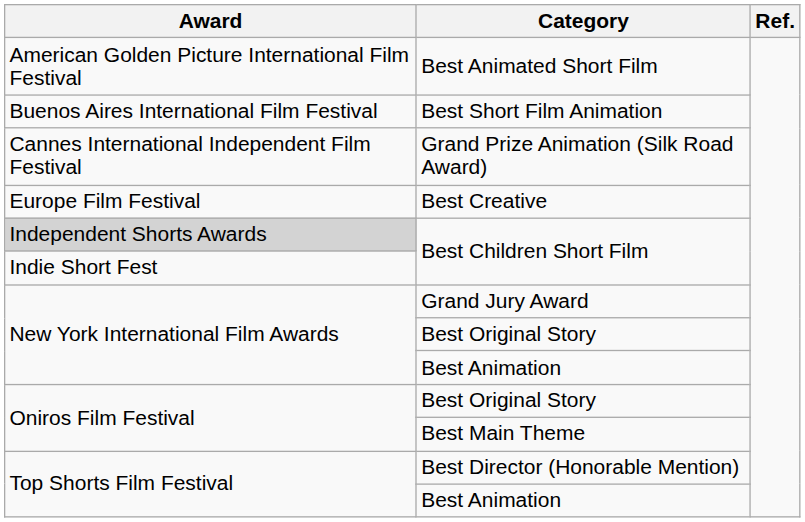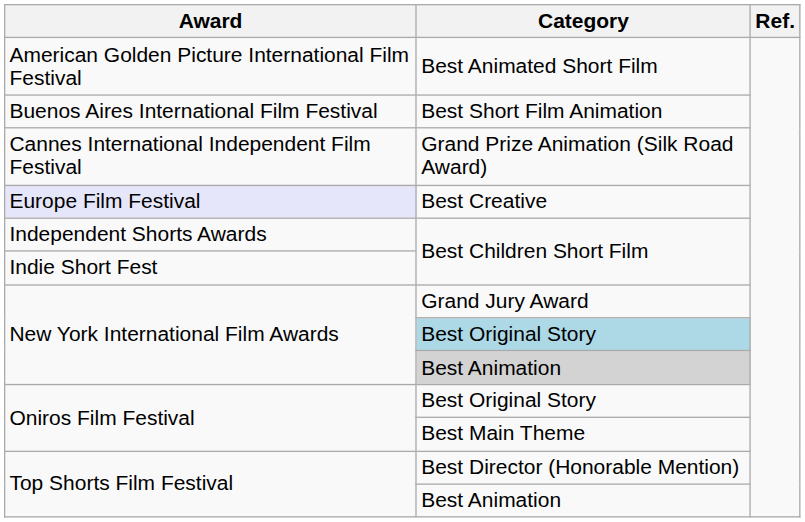 <table class="wikitable">
 <tr>
 <th>Award</th>
 <th>Category</th>
 <th>Ref.</th>
 </tr>
 <tr>
 <td>American Golden Picture International Film Festival</td>
 <td>Best Animated Short Film</td>
 <td rowspan="13"></td>
 </tr>
 <tr>
 <td>Buenos Aires International Film Festival</td>
 <td>Best Short Film Animation</td>
 </tr>
 <tr>
 <td>Cannes International Independent Film Festival</td>
 <td>Grand Prize Animation (Silk Road Award)</td>
 </tr>
 <tr>
-<td>Europe Film Festival</td>
+<td style="background: lavender;">Europe Film Festival</td>
 <td>Best Creative</td>
 </tr>
 <tr>
-<td style="background: lightgrey;">Independent Shorts Awards</td>
+<td>Independent Shorts Awards</td>
 <td rowspan="2">Best Children Short Film</td>
 </tr>
 <tr>
 <td>Indie Short Fest</td>
 </tr>
 <tr>
 <td rowspan="3">New York International Film Awards</td>
 <td>Grand Jury Award</td>
 </tr>
 <tr>
-<td>Best Original Story</td>
+<td style="background: lightblue;">Best Original Story</td>
 </tr>
 <tr>
-<td>Best Animation</td>
+<td style="background: lightgrey;">Best Animation</td>
 </tr>
 <tr>
 <td rowspan="2">Oniros Film Festival</td>
 <td>Best Original Story</td>
 </tr>
 <tr>
 <td>Best Main Theme</td>
 </tr>
 <tr>
 <td rowspan="2">Top Shorts Film Festival</td>
 <td>Best Director (Honorable Mention)</td>
 </tr>
 <tr>
 <td>Best Animation</td>
 </tr>
 </table>
